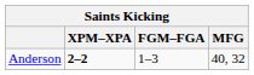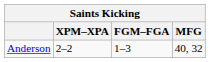 <table class="wikitable">
 <tr>
 <th colspan="4">Saints Kicking</th>
 </tr>
 <tr>
 <th></th>
 <th>XPM–XPA</th>
 <th>FGM–FGA</th>
 <th>MFG</th>
 </tr>
 <tr>
 <td><a href='#'>Anderson</a></td>
-<td><strong>2–2</strong></td>
+<td>2–2</td>
 <td>1–3</td>
 <td>40, 32</td>
 </tr>
 </table>
